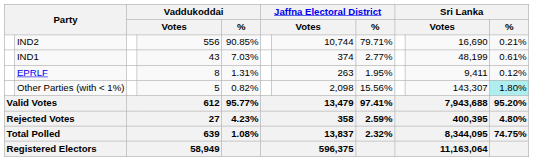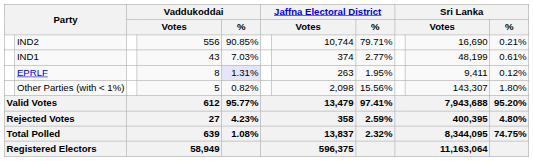 <table class="wikitable">
 <tr>
 <th colspan="2" width="144px"rowspan="2">Party</th>
 <th colspan="3" width="216px">Vaddukoddai</th>
 <th colspan="3" width="216px"><a href='#'>Jaffna Electoral District</a></th>
 <th colspan="3" width="216px">Sri Lanka</th>
 </tr>
 <tr>
 <th colspan="2" width="144px">Votes</th>
 <th>%</th>
 <th colspan="2" width="144px">Votes</th>
 <th>%</th>
 <th colspan="2" width="144px">Votes</th>
 <th>%</th>
 </tr>
 <tr>
 <td style="background-color:white;" width="10px"></td>
 <td style="text-align:left;">IND2</td>
 <td style="background-color:white;" width="10px"></td>
 <td style="text-align:right;">556</td>
 <td style="text-align:right;">90.85%</td>
 <td style="background-color:white;" width="10px"></td>
 <td style="text-align:right;">10,744</td>
 <td style="text-align:right;">79.71%</td>
 <td style="background-color:white;" width="10px"></td>
 <td style="text-align:right;">16,690</td>
 <td style="text-align:right;">0.21%</td>
 </tr>
 <tr>
 <td style="background-color:white;" width="10px"></td>
 <td style="text-align:left;">IND1</td>
 <td style="background-color:white;" width="10px"></td>
 <td style="text-align:right;">43</td>
 <td style="text-align:right;">7.03%</td>
 <td style="background-color:white;" width="10px"></td>
 <td style="text-align:right;">374</td>
 <td style="text-align:right;">2.77%</td>
 <td style="background-color:white;" width="10px"></td>
 <td style="text-align:right;">48,199</td>
 <td style="text-align:right;">0.61%</td>
 </tr>
 <tr>
 <td style="background-color:white;" width="10px"></td>
 <td style="text-align:left;"><a href='#'>EPRLF</a></td>
 <td style="background-color:white;" width="10px"></td>
 <td style="text-align:right;">8</td>
-<td style="text-align:right;">1.31%</td>
+<td style="background: lavender; text-align:right;">1.31%</td>
 <td style="background-color:white;" width="10px"></td>
 <td style="text-align:right;">263</td>
 <td style="text-align:right;">1.95%</td>
 <td style="background-color:white;" width="10px"></td>
 <td style="text-align:right;">9,411</td>
 <td style="text-align:right;">0.12%</td>
 </tr>
 <tr>
 <td style="background-color:white;" width="10px"></td>
 <td style="text-align:left;">Other Parties (with < 1%)</td>
 <td style="background-color:white;" width="10px"></td>
 <td style="text-align:right;">5</td>
 <td style="text-align:right;">0.82%</td>
 <td style="background-color:white;" width="10px"></td>
 <td style="text-align:right;">2,098</td>
 <td style="text-align:right;">15.56%</td>
 <td style="background-color:white;" width="10px"></td>
 <td style="text-align:right;">143,307</td>
-<td style="background: paleturquoise; text-align:right;">1.80%</td>
+<td style="text-align:right;">1.80%</td>
 </tr>
 <tr>
 <th colspan="2" width="144px"style="text-align:left;">Valid Votes</th>
 <th style="text-align:right;"colspan="2" width="144px">612</th>
 <th style="text-align:right;">95.77%</th>
 <th style="text-align:right;"colspan="2" width="144px">13,479</th>
 <th style="text-align:right;">97.41%</th>
 <th style="text-align:right;"colspan="2" width="144px">7,943,688</th>
 <th style="text-align:right;">95.20%</th>
 </tr>
 <tr>
 <th colspan="2" width="144px"style="text-align:left;">Rejected Votes</th>
 <th style="text-align:right;"colspan="2" width="144px">27</th>
 <th style="text-align:right;">4.23%</th>
 <th style="text-align:right;"colspan="2" width="144px">358</th>
 <th style="text-align:right;">2.59%</th>
 <th style="text-align:right;"colspan="2" width="144px">400,395</th>
 <th style="text-align:right;">4.80%</th>
 </tr>
 <tr>
 <th colspan="2" width="144px"style="text-align:left;">Total Polled</th>
 <th style="text-align:right;"colspan="2" width="144px">639</th>
 <th style="text-align:right;">1.08%</th>
 <th style="text-align:right;"colspan="2" width="144px">13,837</th>
 <th style="text-align:right;">2.32%</th>
 <th style="text-align:right;"colspan="2" width="144px">8,344,095</th>
 <th style="text-align:right;">74.75%</th>
 </tr>
 <tr>
 <th colspan="2" width="144px"style="text-align:left;">Registered Electors</th>
 <th style="text-align:right;"colspan="2" width="144px">58,949</th>
 <th></th>
 <th style="text-align:right;"colspan="2" width="144px">596,375</th>
 <th></th>
 <th style="text-align:right;"colspan="2" width="144px">11,163,064</th>
 <th></th>
 </tr>
 </table>
